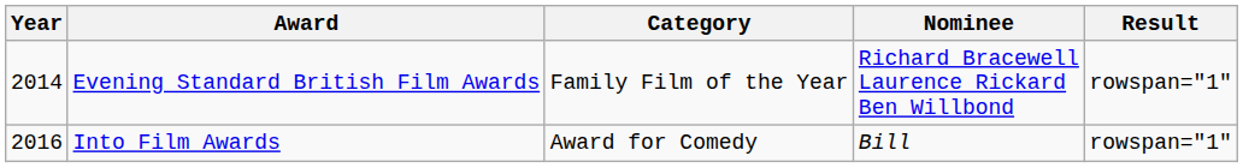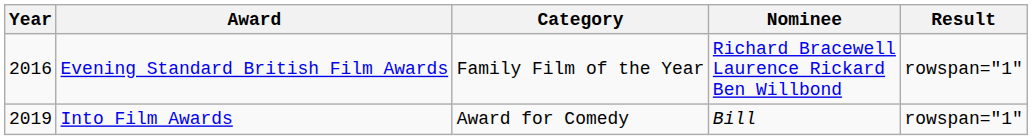 <table class="wikitable">
 <tr>
 <th>Year</th>
 <th>Award</th>
 <th>Category</th>
 <th>Nominee</th>
 <th>Result</th>
 </tr>
 <tr>
-<td>2014</td>
+<td>2016</td>
 <td><a href='#'>Evening Standard British Film Awards</a></td>
 <td>Family Film of the Year</td>
 <td><a href='#'>Richard Bracewell</a><br><a href='#'>Laurence Rickard</a><br><a href='#'>Ben Willbond</a></td>
 <td>rowspan="1" </td>
 </tr>
 <tr>
-<td>2016</td>
+<td>2019</td>
 <td><a href='#'>Into Film Awards</a></td>
 <td>Award for Comedy</td>
 <td><em>Bill</em></td>
 <td>rowspan="1" </td>
 </tr>
 </table>
